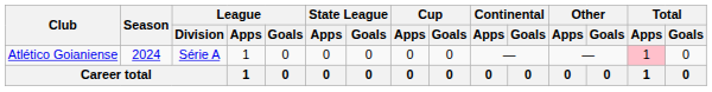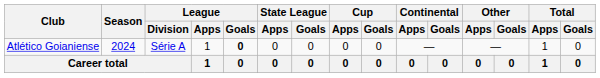 <table class="wikitable" style="text-align: center;">
 <tr>
 <th rowspan="2">Club</th>
 <th rowspan="2">Season</th>
 <th colspan="3">League</th>
 <th colspan="2">State League</th>
 <th colspan="2">Cup</th>
 <th colspan="2">Continental</th>
 <th colspan="2">Other</th>
 <th colspan="2">Total</th>
 </tr>
 <tr>
 <th>Division</th>
 <th>Apps</th>
 <th>Goals</th>
 <th>Apps</th>
 <th>Goals</th>
 <th>Apps</th>
 <th>Goals</th>
 <th>Apps</th>
 <th>Goals</th>
 <th>Apps</th>
 <th>Goals</th>
 <th>Apps</th>
 <th>Goals</th>
 </tr>
 <tr>
 <td valign="center"><a href='#'>Atlético Goianiense</a></td>
 <td><a href='#'>2024</a></td>
 <td><a href='#'>Série A</a></td>
 <td>1</td>
-<td>0</td>
+<td><strong>0</strong></td>
 <td>0</td>
 <td>0</td>
 <td>0</td>
 <td>0</td>
 <td colspan="2">—</td>
 <td colspan="2">—</td>
-<td style="background: pink;">1</td>
+<td>1</td>
 <td>0</td>
 </tr>
 <tr>
 <th colspan="3"><strong>Career total</strong></th>
 <th>1</th>
 <th>0</th>
 <th>0</th>
 <th>0</th>
 <th>0</th>
 <th>0</th>
 <th>0</th>
 <th>0</th>
 <th>0</th>
 <th>0</th>
 <th>1</th>
 <th>0</th>
 </tr>
 </table>
